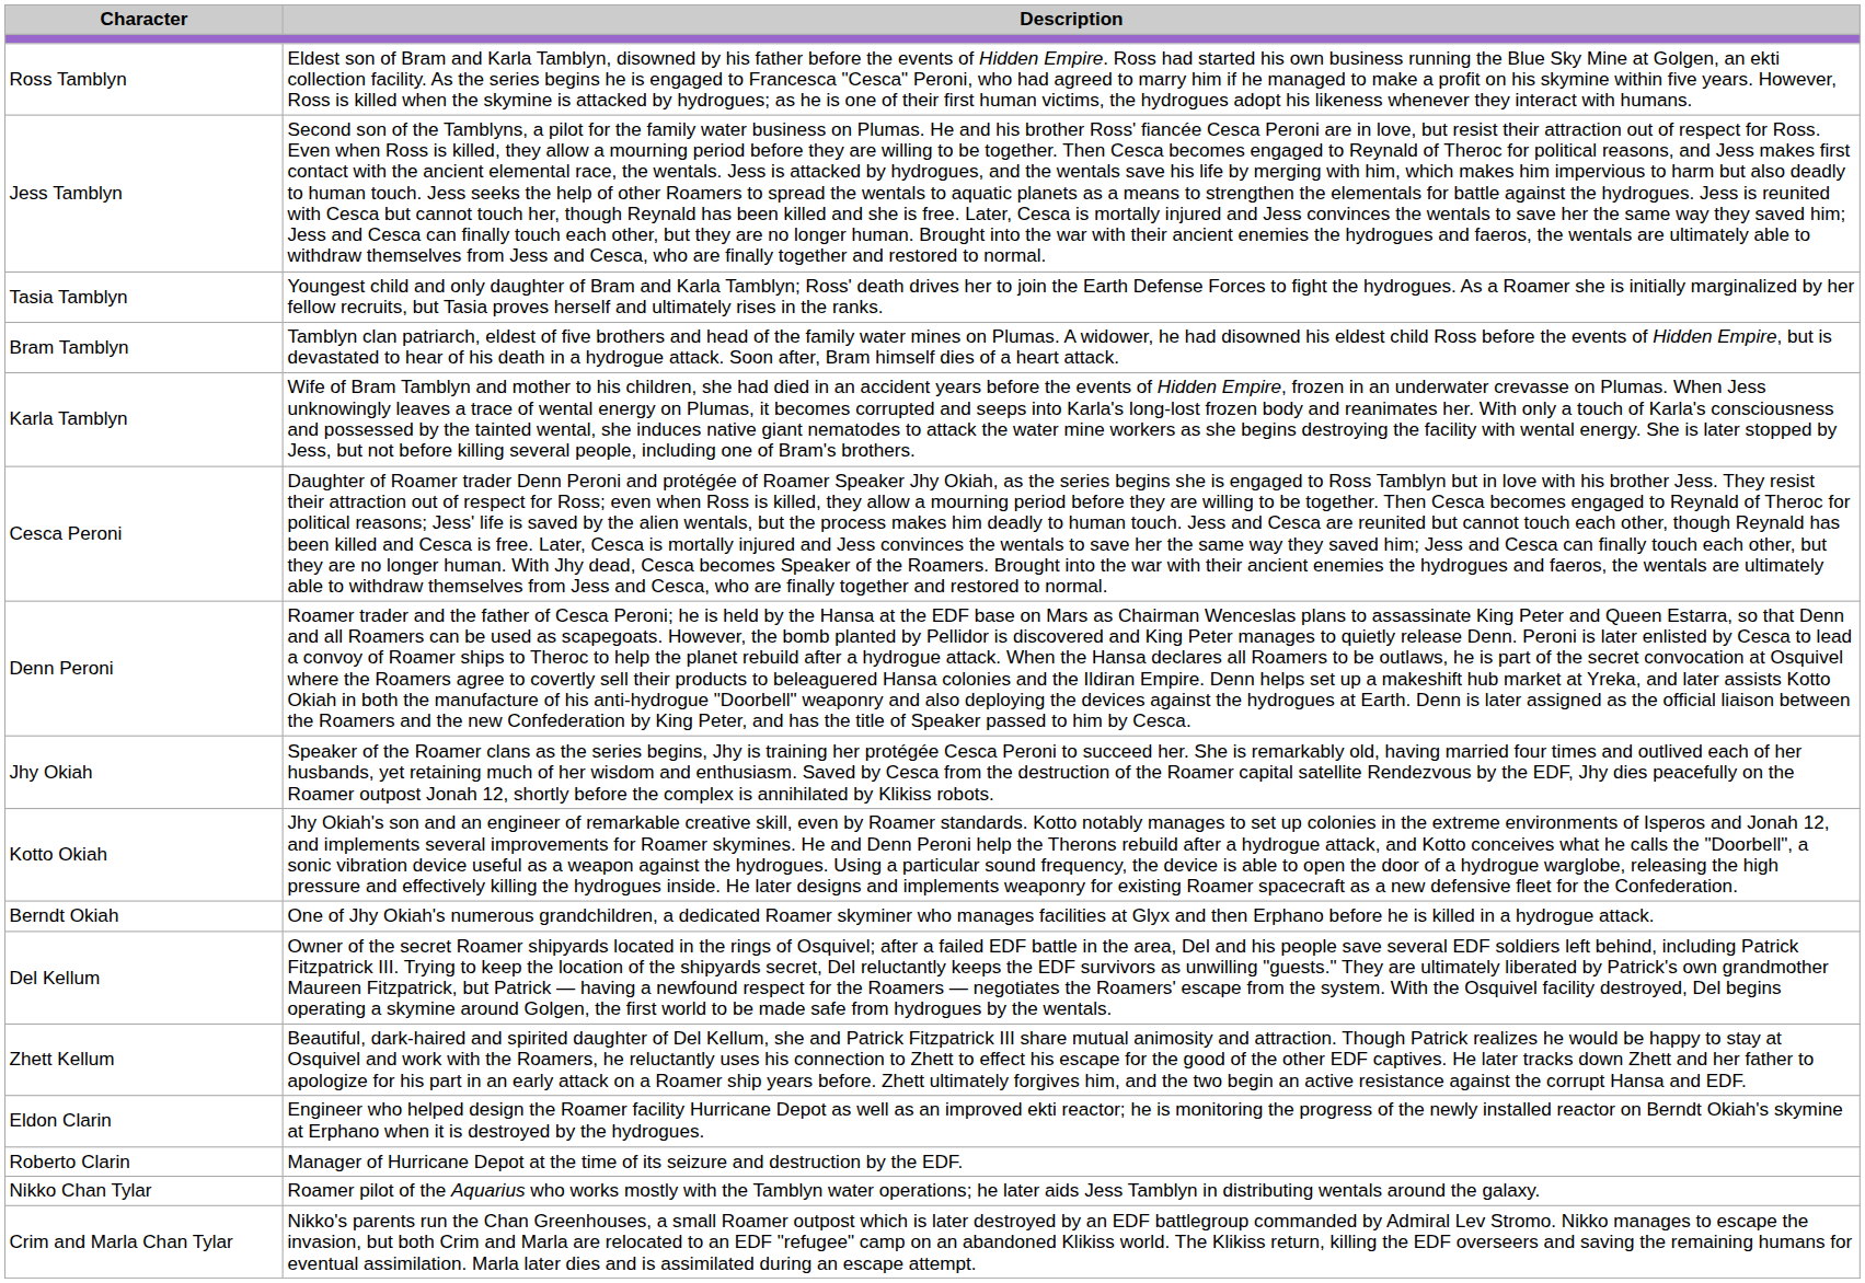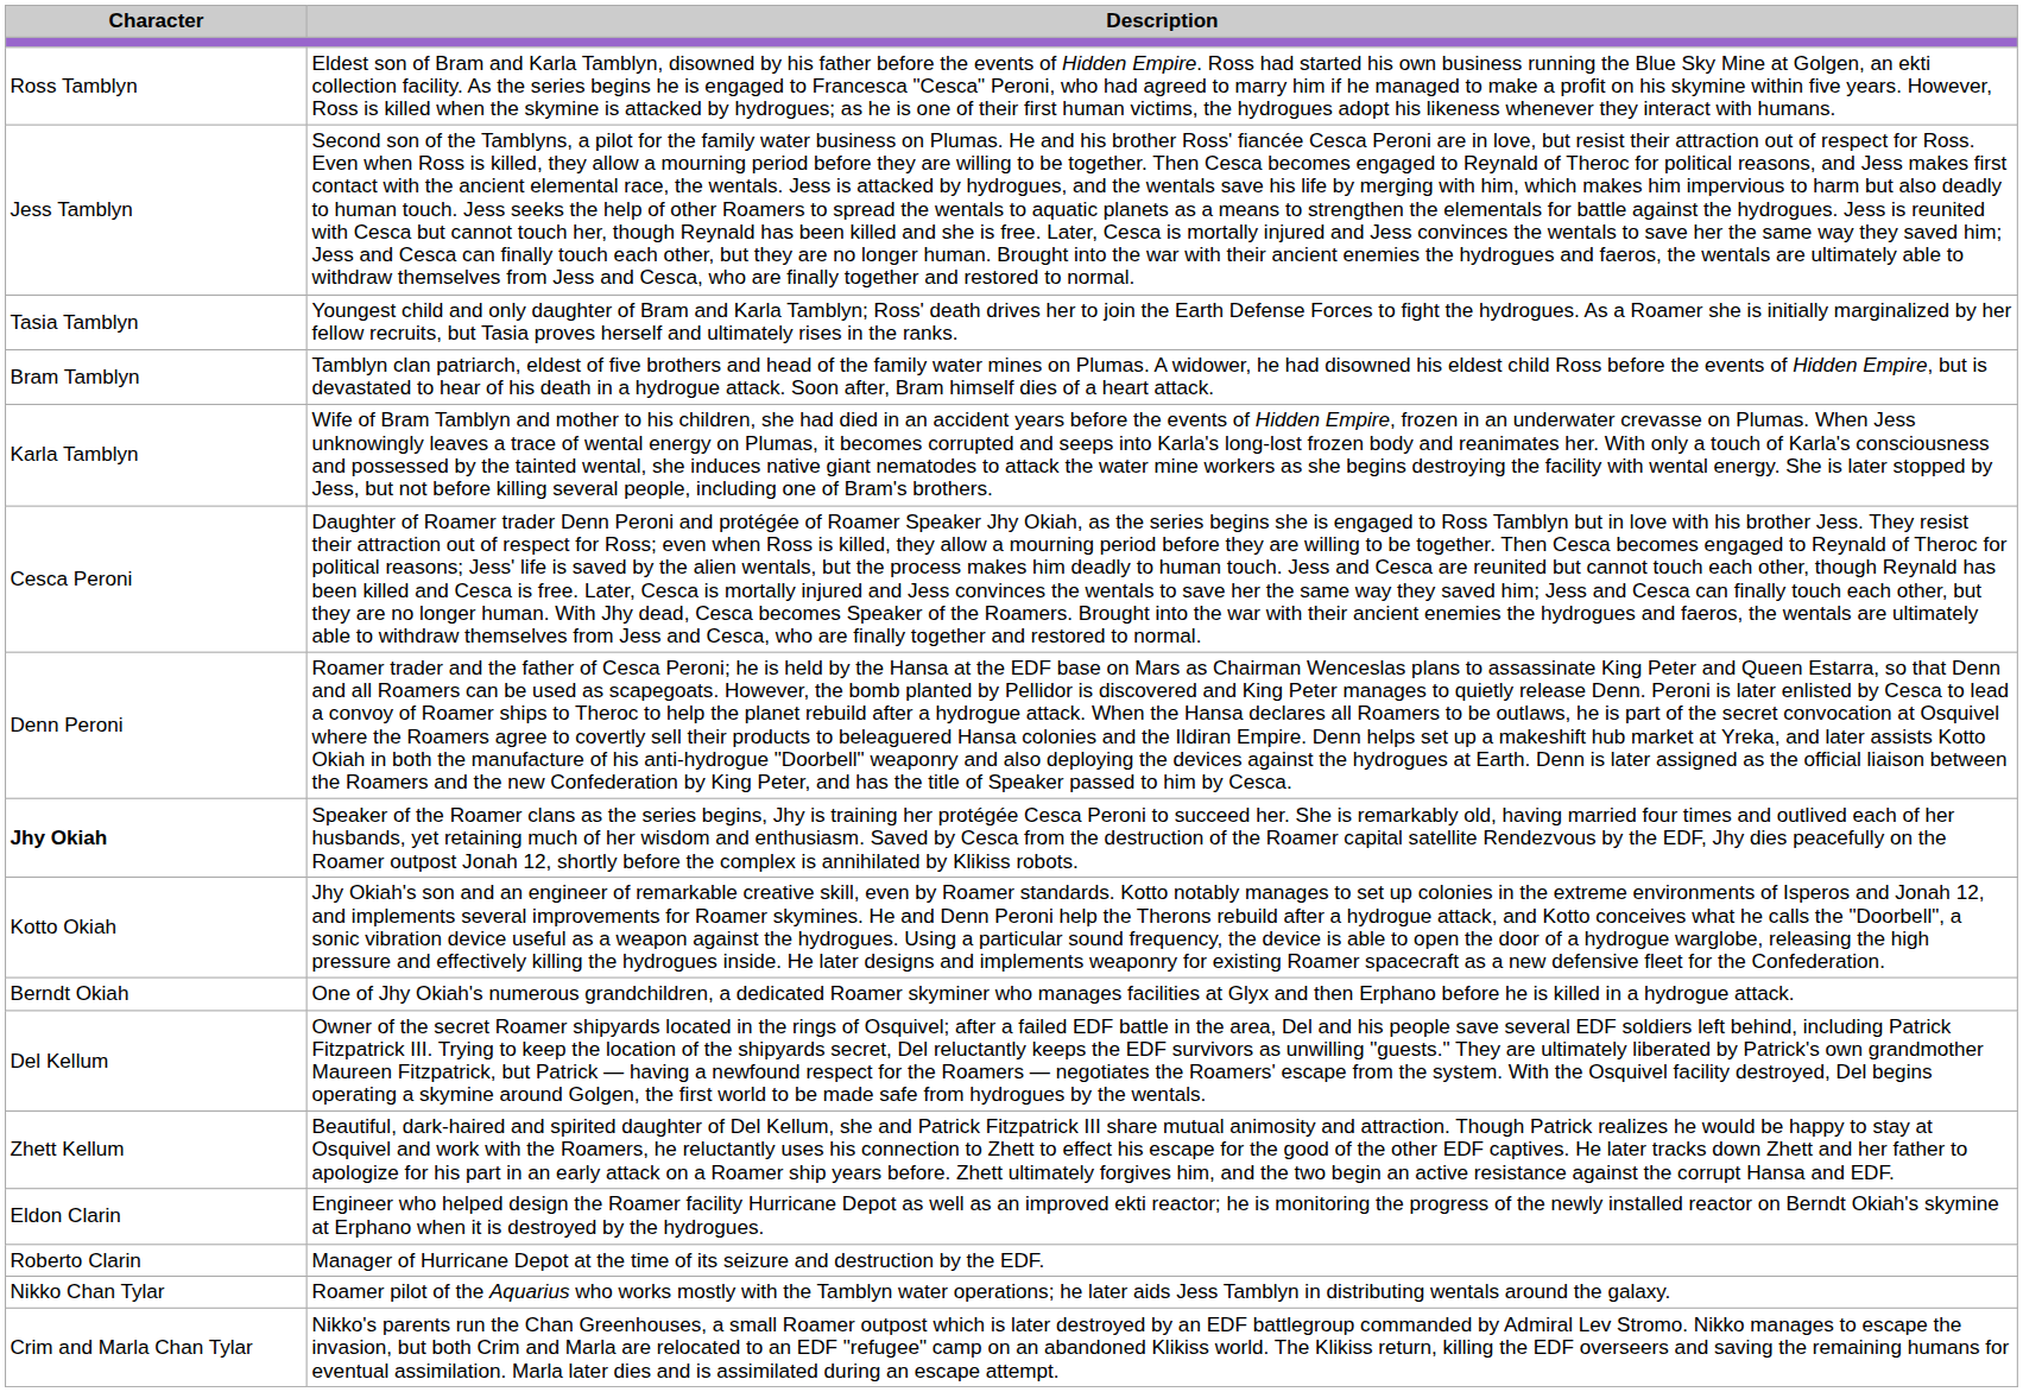 <table class="wikitable" style="width:100%; margin-right:auto; background:#fff;">
 <tr style="color:black">
 <th style="background:#ccc; width:15%;">Character</th>
 <th style="background:#ccc; width:85%;">Description</th>
 </tr>
 <tr>
 <td colspan="3" style="background:#9966CC;"></td>
 </tr>
 <tr>
 <td>Ross Tamblyn</td>
 <td>Eldest son of Bram and Karla Tamblyn, disowned by his father before the events of <em>Hidden Empire</em>. Ross had started his own business running the Blue Sky Mine at Golgen, an ekti collection facility. As the series begins he is engaged to Francesca "Cesca" Peroni, who had agreed to marry him if he managed to make a profit on his skymine within five years. However, Ross is killed when the skymine is attacked by hydrogues; as he is one of their first human victims, the hydrogues adopt his likeness whenever they interact with humans.</td>
 </tr>
 <tr>
 <td>Jess Tamblyn</td>
 <td>Second son of the Tamblyns, a pilot for the family water business on Plumas. He and his brother Ross' fiancée Cesca Peroni are in love, but resist their attraction out of respect for Ross. Even when Ross is killed, they allow a mourning period before they are willing to be together. Then Cesca becomes engaged to Reynald of Theroc for political reasons, and Jess makes first contact with the ancient elemental race, the wentals. Jess is attacked by hydrogues, and the wentals save his life by merging with him, which makes him impervious to harm but also deadly to human touch. Jess seeks the help of other Roamers to spread the wentals to aquatic planets as a means to strengthen the elementals for battle against the hydrogues. Jess is reunited with Cesca but cannot touch her, though Reynald has been killed and she is free. Later, Cesca is mortally injured and Jess convinces the wentals to save her the same way they saved him; Jess and Cesca can finally touch each other, but they are no longer human. Brought into the war with their ancient enemies the hydrogues and faeros, the wentals are ultimately able to withdraw themselves from Jess and Cesca, who are finally together and restored to normal.</td>
 </tr>
 <tr>
 <td>Tasia Tamblyn</td>
 <td>Youngest child and only daughter of Bram and Karla Tamblyn; Ross' death drives her to join the Earth Defense Forces to fight the hydrogues. As a Roamer she is initially marginalized by her fellow recruits, but Tasia proves herself and ultimately rises in the ranks.</td>
 </tr>
 <tr>
 <td>Bram Tamblyn</td>
 <td>Tamblyn clan patriarch, eldest of five brothers and head of the family water mines on Plumas. A widower, he had disowned his eldest child Ross before the events of <em>Hidden Empire</em>, but is devastated to hear of his death in a hydrogue attack. Soon after, Bram himself dies of a heart attack.</td>
 </tr>
 <tr>
 <td>Karla Tamblyn</td>
 <td>Wife of Bram Tamblyn and mother to his children, she had died in an accident years before the events of <em>Hidden Empire</em>, frozen in an underwater crevasse on Plumas. When Jess unknowingly leaves a trace of wental energy on Plumas, it becomes corrupted and seeps into Karla's long-lost frozen body and reanimates her. With only a touch of Karla's consciousness and possessed by the tainted wental, she induces native giant nematodes to attack the water mine workers as she begins destroying the facility with wental energy. She is later stopped by Jess, but not before killing several people, including one of Bram's brothers.</td>
 </tr>
 <tr>
 <td>Cesca Peroni</td>
 <td>Daughter of Roamer trader Denn Peroni and protégée of Roamer Speaker Jhy Okiah, as the series begins she is engaged to Ross Tamblyn but in love with his brother Jess. They resist their attraction out of respect for Ross; even when Ross is killed, they allow a mourning period before they are willing to be together. Then Cesca becomes engaged to Reynald of Theroc for political reasons; Jess' life is saved by the alien wentals, but the process makes him deadly to human touch. Jess and Cesca are reunited but cannot touch each other, though Reynald has been killed and Cesca is free. Later, Cesca is mortally injured and Jess convinces the wentals to save her the same way they saved him; Jess and Cesca can finally touch each other, but they are no longer human. With Jhy dead, Cesca becomes Speaker of the Roamers. Brought into the war with their ancient enemies the hydrogues and faeros, the wentals are ultimately able to withdraw themselves from Jess and Cesca, who are finally together and restored to normal.</td>
 </tr>
 <tr>
 <td>Denn Peroni</td>
 <td>Roamer trader and the father of Cesca Peroni; he is held by the Hansa at the EDF base on Mars as Chairman Wenceslas plans to assassinate King Peter and Queen Estarra, so that Denn and all Roamers can be used as scapegoats. However, the bomb planted by Pellidor is discovered and King Peter manages to quietly release Denn. Peroni is later enlisted by Cesca to lead a convoy of Roamer ships to Theroc to help the planet rebuild after a hydrogue attack. When the Hansa declares all Roamers to be outlaws, he is part of the secret convocation at Osquivel where the Roamers agree to covertly sell their products to beleaguered Hansa colonies and the Ildiran Empire. Denn helps set up a makeshift hub market at Yreka, and later assists Kotto Okiah in both the manufacture of his anti-hydrogue "Doorbell" weaponry and also deploying the devices against the hydrogues at Earth. Denn is later assigned as the official liaison between the Roamers and the new Confederation by King Peter, and has the title of Speaker passed to him by Cesca.</td>
 </tr>
 <tr>
-<td>Jhy Okiah</td>
+<td><strong>Jhy Okiah</strong></td>
 <td>Speaker of the Roamer clans as the series begins, Jhy is training her protégée Cesca Peroni to succeed her. She is remarkably old, having married four times and outlived each of her husbands, yet retaining much of her wisdom and enthusiasm. Saved by Cesca from the destruction of the Roamer capital satellite Rendezvous by the EDF, Jhy dies peacefully on the Roamer outpost Jonah 12, shortly before the complex is annihilated by Klikiss robots.</td>
 </tr>
 <tr>
 <td>Kotto Okiah</td>
 <td>Jhy Okiah's son and an engineer of remarkable creative skill, even by Roamer standards. Kotto notably manages to set up colonies in the extreme environments of Isperos and Jonah 12, and implements several improvements for Roamer skymines. He and Denn Peroni help the Therons rebuild after a hydrogue attack, and Kotto conceives what he calls the "Doorbell", a sonic vibration device useful as a weapon against the hydrogues. Using a particular sound frequency, the device is able to open the door of a hydrogue warglobe, releasing the high pressure and effectively killing the hydrogues inside. He later designs and implements weaponry for existing Roamer spacecraft as a new defensive fleet for the Confederation.</td>
 </tr>
 <tr>
 <td>Berndt Okiah</td>
 <td>One of Jhy Okiah's numerous grandchildren, a dedicated Roamer skyminer who manages facilities at Glyx and then Erphano before he is killed in a hydrogue attack.</td>
 </tr>
 <tr>
 <td>Del Kellum</td>
 <td>Owner of the secret Roamer shipyards located in the rings of Osquivel; after a failed EDF battle in the area, Del and his people save several EDF soldiers left behind, including Patrick Fitzpatrick III. Trying to keep the location of the shipyards secret, Del reluctantly keeps the EDF survivors as unwilling "guests." They are ultimately liberated by Patrick's own grandmother Maureen Fitzpatrick, but Patrick — having a newfound respect for the Roamers — negotiates the Roamers' escape from the system. With the Osquivel facility destroyed, Del begins operating a skymine around Golgen, the first world to be made safe from hydrogues by the wentals.</td>
 </tr>
 <tr>
 <td>Zhett Kellum</td>
 <td>Beautiful, dark-haired and spirited daughter of Del Kellum, she and Patrick Fitzpatrick III share mutual animosity and attraction. Though Patrick realizes he would be happy to stay at Osquivel and work with the Roamers, he reluctantly uses his connection to Zhett to effect his escape for the good of the other EDF captives. He later tracks down Zhett and her father to apologize for his part in an early attack on a Roamer ship years before. Zhett ultimately forgives him, and the two begin an active resistance against the corrupt Hansa and EDF.</td>
 </tr>
 <tr>
 <td>Eldon Clarin</td>
 <td>Engineer who helped design the Roamer facility Hurricane Depot as well as an improved ekti reactor; he is monitoring the progress of the newly installed reactor on Berndt Okiah's skymine at Erphano when it is destroyed by the hydrogues.</td>
 </tr>
 <tr>
 <td>Roberto Clarin</td>
 <td>Manager of Hurricane Depot at the time of its seizure and destruction by the EDF.</td>
 </tr>
 <tr>
 <td>Nikko Chan Tylar</td>
 <td>Roamer pilot of the <em>Aquarius</em> who works mostly with the Tamblyn water operations; he later aids Jess Tamblyn in distributing wentals around the galaxy.</td>
 </tr>
 <tr>
 <td>Crim and Marla Chan Tylar</td>
 <td>Nikko's parents run the Chan Greenhouses, a small Roamer outpost which is later destroyed by an EDF battlegroup commanded by Admiral Lev Stromo. Nikko manages to escape the invasion, but both Crim and Marla are relocated to an EDF "refugee" camp on an abandoned Klikiss world. The Klikiss return, killing the EDF overseers and saving the remaining humans for eventual assimilation. Marla later dies and is assimilated during an escape attempt.</td>
 </tr>
 </table>
